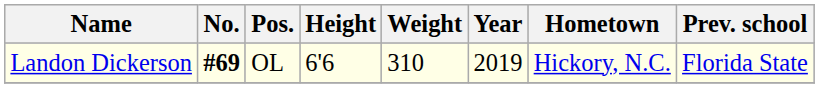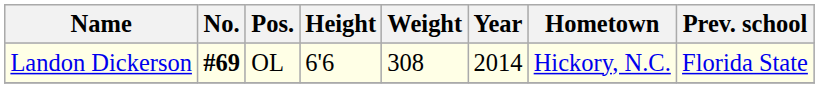 <table class="wikitable sortable">
 <tr>
 <th>Name</th>
 <th>No.</th>
 <th>Pos.</th>
 <th>Height</th>
 <th>Weight</th>
 <th>Year</th>
 <th>Hometown</th>
 <th class="unsortable">Prev. school</th>
 </tr>
 <tr style="background:#FFFFE6;">
 <td><a href='#'>Landon Dickerson</a></td>
 <td><strong>#69</strong></td>
 <td>OL</td>
 <td>6'6</td>
-<td>310</td>
-<td>2019</td>
+<td>308</td>
+<td>2014</td>
 <td><a href='#'>Hickory, N.C.</a></td>
 <td><a href='#'>Florida State</a></td>
 </tr>
 <tr>
 </tr>
 </table>
